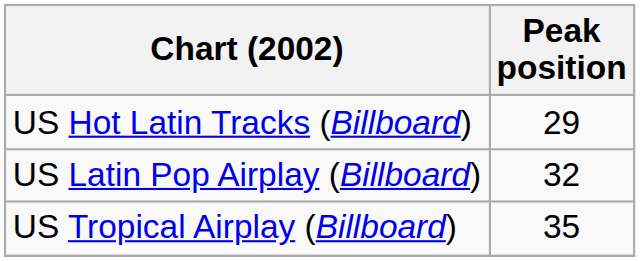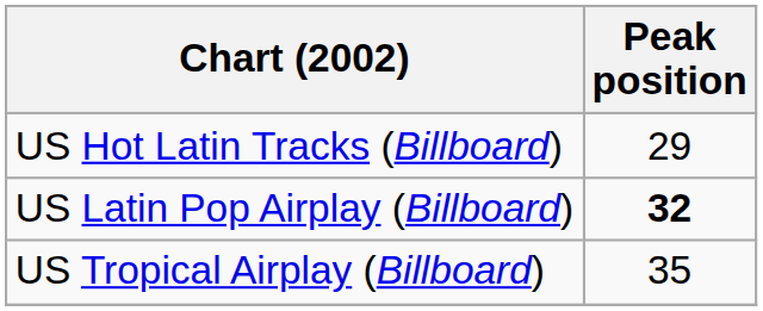 <table class="wikitable">
 <tr>
 <th align="center">Chart (2002)</th>
 <th align="center">Peak<br>position</th>
 </tr>
 <tr>
 <td align="left">US <a href='#'>Hot Latin Tracks</a> (<em><a href='#'>Billboard</a></em>)</td>
 <td align="center">29</td>
 </tr>
 <tr>
 <td align="left">US <a href='#'>Latin Pop Airplay</a> (<em><a href='#'>Billboard</a></em>)</td>
-<td align="center">32</td>
+<td align="center"><strong>32</strong></td>
 </tr>
 <tr>
 <td align="left">US <a href='#'>Tropical Airplay</a> (<em><a href='#'>Billboard</a></em>)</td>
 <td align="center">35</td>
 </tr>
 <tr>
 </tr>
 </table>
